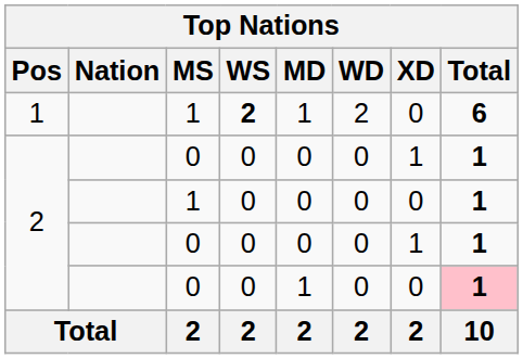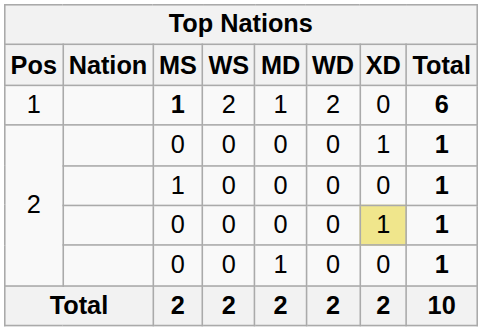 <table class="wikitable" style="text-align:center">
 <tr>
 <th colspan="10">Top Nations</th>
 </tr>
 <tr>
 <th>Pos</th>
 <th>Nation</th>
 <th>MS</th>
 <th>WS</th>
 <th>MD</th>
 <th>WD</th>
 <th>XD</th>
 <th>Total</th>
 </tr>
 <tr>
 <td>1</td>
 <td align="left"></td>
-<td>1</td>
-<td><strong>2</strong></td>
+<td><strong>1</strong></td>
+<td>2</td>
 <td>1</td>
 <td>2</td>
 <td>0</td>
 <td><strong>6</strong></td>
 </tr>
 <tr>
 <td rowspan=4>2</td>
 <td align="left"></td>
 <td>0</td>
 <td>0</td>
 <td>0</td>
 <td>0</td>
 <td>1</td>
 <td><strong>1</strong></td>
 </tr>
 <tr>
 <td align="left"></td>
 <td>1</td>
 <td>0</td>
 <td>0</td>
 <td>0</td>
 <td>0</td>
 <td><strong>1</strong></td>
 </tr>
 <tr>
 <td align="left"></td>
 <td>0</td>
 <td>0</td>
 <td>0</td>
 <td>0</td>
-<td>1</td>
+<td style="background: khaki;">1</td>
 <td><strong>1</strong></td>
 </tr>
 <tr>
 <td align="left"></td>
 <td>0</td>
 <td>0</td>
 <td>1</td>
 <td>0</td>
 <td>0</td>
-<td style="background: pink;"><strong>1</strong></td>
+<td><strong>1</strong></td>
 </tr>
 <tr>
 <th colspan="2">Total</th>
 <th>2</th>
 <th>2</th>
 <th>2</th>
 <th>2</th>
 <th>2</th>
 <th>10</th>
 </tr>
 </table>
